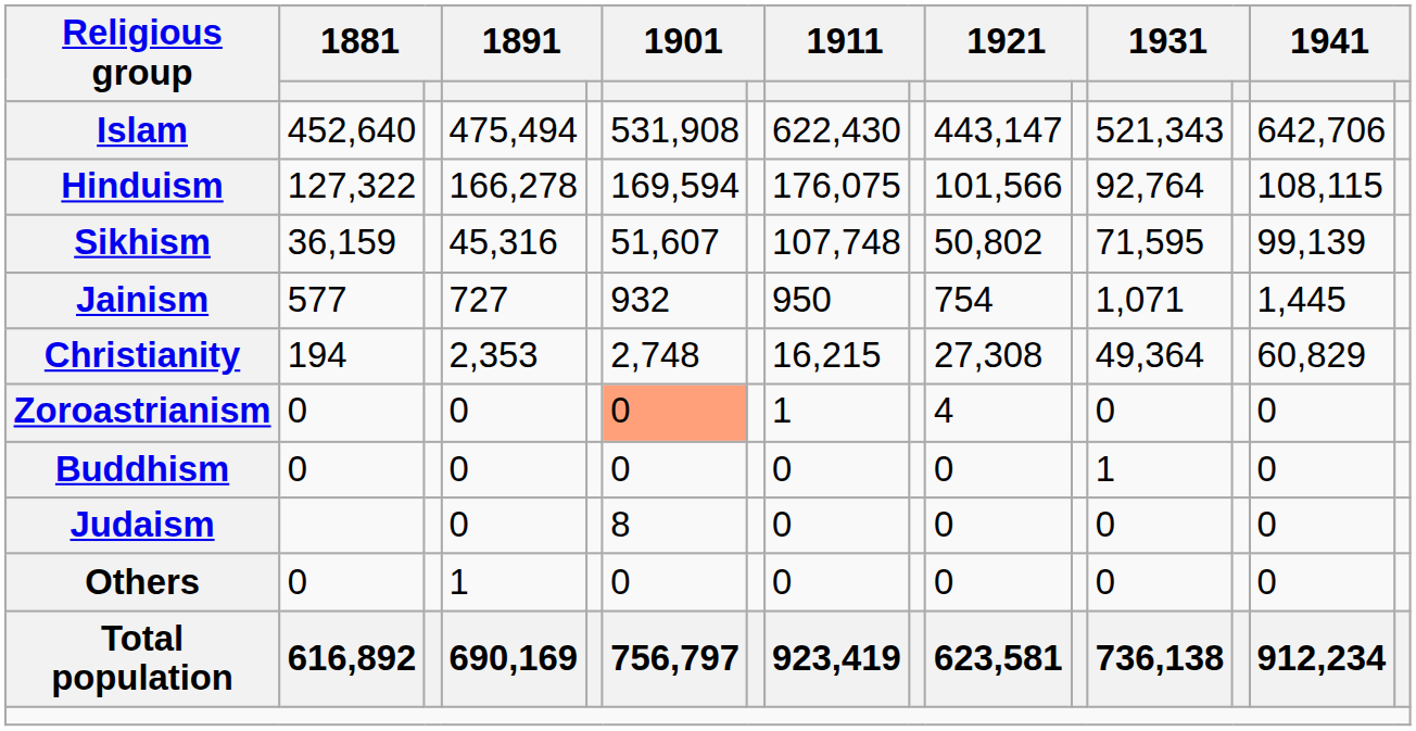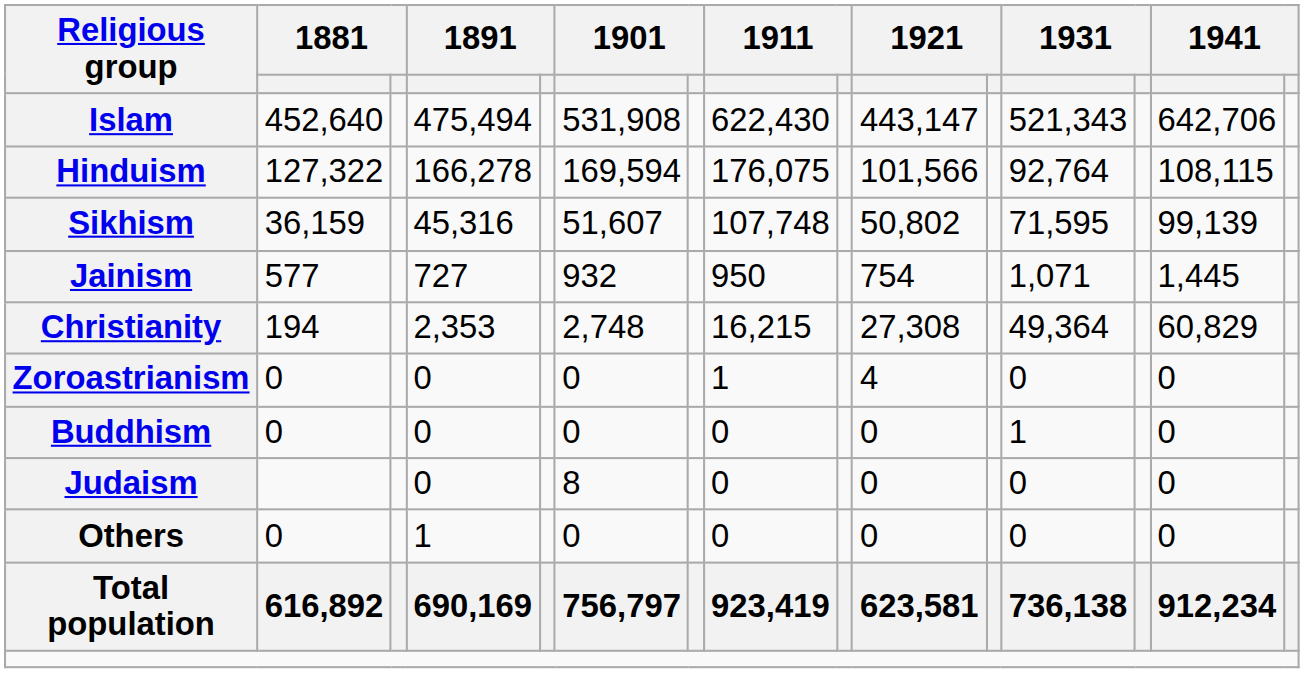 <table class="wikitable sortable">
 <tr>
 <th rowspan="2"><a href='#'>Religious</a><br>group</th>
 <th colspan="2">1881</th>
 <th colspan="2">1891</th>
 <th colspan="2">1901</th>
 <th colspan="2">1911</th>
 <th colspan="2">1921</th>
 <th colspan="2">1931</th>
 <th colspan="2">1941</th>
 </tr>
 <tr>
 <th><a href='#'></a></th>
 <th></th>
 <th></th>
 <th></th>
 <th></th>
 <th></th>
 <th></th>
 <th></th>
 <th></th>
 <th></th>
 <th></th>
 <th></th>
 <th></th>
 <th></th>
 </tr>
 <tr>
 <th><a href='#'>Islam</a> </th>
 <td>452,640</td>
 <td></td>
 <td>475,494</td>
 <td></td>
 <td>531,908</td>
 <td></td>
 <td>622,430</td>
 <td></td>
 <td>443,147</td>
 <td></td>
 <td>521,343</td>
 <td></td>
 <td>642,706</td>
 <td></td>
 </tr>
 <tr>
 <th><a href='#'>Hinduism</a> </th>
 <td>127,322</td>
 <td></td>
 <td>166,278</td>
 <td></td>
 <td>169,594</td>
 <td></td>
 <td>176,075</td>
 <td></td>
 <td>101,566</td>
 <td></td>
 <td>92,764</td>
 <td></td>
 <td>108,115</td>
 <td></td>
 </tr>
 <tr>
 <th><a href='#'>Sikhism</a> </th>
 <td>36,159</td>
 <td></td>
 <td>45,316</td>
 <td></td>
 <td>51,607</td>
 <td></td>
 <td>107,748</td>
 <td></td>
 <td>50,802</td>
 <td></td>
 <td>71,595</td>
 <td></td>
 <td>99,139</td>
 <td></td>
 </tr>
 <tr>
 <th><a href='#'>Jainism</a> </th>
 <td>577</td>
 <td></td>
 <td>727</td>
 <td></td>
 <td>932</td>
 <td></td>
 <td>950</td>
 <td></td>
 <td>754</td>
 <td></td>
 <td>1,071</td>
 <td></td>
 <td>1,445</td>
 <td></td>
 </tr>
 <tr>
 <th><a href='#'>Christianity</a> </th>
 <td>194</td>
 <td></td>
 <td>2,353</td>
 <td></td>
 <td>2,748</td>
 <td></td>
 <td>16,215</td>
 <td></td>
 <td>27,308</td>
 <td></td>
 <td>49,364</td>
 <td></td>
 <td>60,829</td>
 <td></td>
 </tr>
 <tr>
 <th><a href='#'>Zoroastrianism</a> </th>
 <td>0</td>
 <td></td>
 <td>0</td>
 <td></td>
-<td style="background: lightsalmon;">0</td>
+<td>0</td>
 <td></td>
 <td>1</td>
 <td></td>
 <td>4</td>
 <td></td>
 <td>0</td>
 <td></td>
 <td>0</td>
 <td></td>
 </tr>
 <tr>
 <th><a href='#'>Buddhism</a> </th>
 <td>0</td>
 <td></td>
 <td>0</td>
 <td></td>
 <td>0</td>
 <td></td>
 <td>0</td>
 <td></td>
 <td>0</td>
 <td></td>
 <td>1</td>
 <td></td>
 <td>0</td>
 <td></td>
 </tr>
 <tr>
 <th><a href='#'>Judaism</a> </th>
 <td></td>
 <td></td>
 <td>0</td>
 <td></td>
 <td>8</td>
 <td></td>
 <td>0</td>
 <td></td>
 <td>0</td>
 <td></td>
 <td>0</td>
 <td></td>
 <td>0</td>
 <td></td>
 </tr>
 <tr>
 <th>Others</th>
 <td>0</td>
 <td></td>
 <td>1</td>
 <td></td>
 <td>0</td>
 <td></td>
 <td>0</td>
 <td></td>
 <td>0</td>
 <td></td>
 <td>0</td>
 <td></td>
 <td>0</td>
 <td></td>
 </tr>
 <tr>
 <th>Total population</th>
 <th>616,892</th>
 <th></th>
 <th>690,169</th>
 <th></th>
 <th>756,797</th>
 <th></th>
 <th>923,419</th>
 <th></th>
 <th>623,581</th>
 <th></th>
 <th>736,138</th>
 <th></th>
 <th>912,234</th>
 <th></th>
 </tr>
 <tr class="sortbottom">
 <td colspan="15"></td>
 </tr>
 </table>
